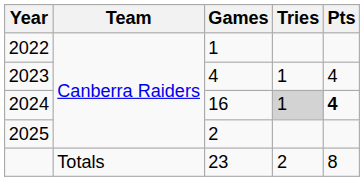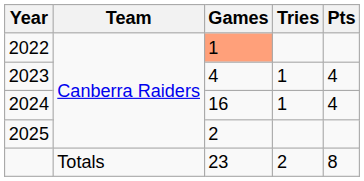 <table class="wikitable">
 <tr>
 <th>Year</th>
 <th>Team</th>
 <th>Games</th>
 <th>Tries</th>
 <th>Pts</th>
 </tr>
 <tr>
 <td>2022</td>
 <td rowspan="4"> <a href='#'>Canberra Raiders</a></td>
-<td>1</td>
+<td style="background: lightsalmon;">1</td>
 <td></td>
 <td></td>
 </tr>
 <tr>
 <td>2023</td>
 <td>4</td>
 <td>1</td>
 <td>4</td>
 </tr>
 <tr>
 <td>2024</td>
 <td>16</td>
-<td style="background: lightgrey;">1</td>
-<td><strong>4</strong></td>
+<td>1</td>
+<td>4</td>
 </tr>
 <tr>
 <td>2025</td>
 <td>2</td>
 <td></td>
 <td></td>
 </tr>
 <tr>
 <td></td>
 <td>Totals</td>
 <td>23</td>
 <td>2</td>
 <td>8</td>
 </tr>
 </table>
